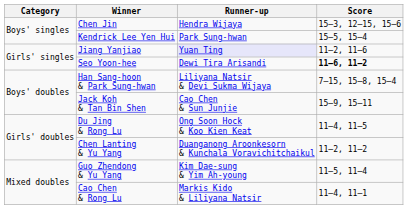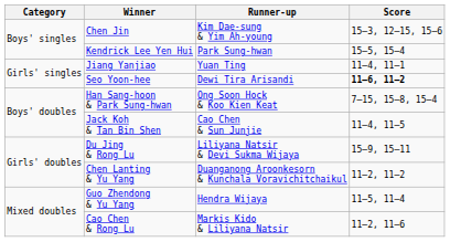 <table class="wikitable">
 <tr>
 <th>Category</th>
 <th>Winner</th>
 <th>Runner-up</th>
 <th>Score</th>
 </tr>
 <tr>
 <td rowspan=2>Boys' singles</td>
 <td> <a href='#'>Chen Jin</a></td>
-<td> <a href='#'>Hendra Wijaya</a></td>
+<td> <a href='#'>Kim Dae-sung</a><br> & <a href='#'>Yim Ah-young</a></td>
 <td>15–3, 12–15, 15–6</td>
 </tr>
 <tr>
 <td> <a href='#'>Kendrick Lee Yen Hui</a></td>
 <td> <a href='#'>Park Sung-hwan</a></td>
 <td>15–5, 15–4</td>
 </tr>
 <tr>
 <td rowspan=2>Girls' singles</td>
 <td> <a href='#'>Jiang Yanjiao</a></td>
-<td style="background: lavender;"> <a href='#'>Yuan Ting</a></td>
-<td>11–2, 11–6</td>
+<td> <a href='#'>Yuan Ting</a></td>
+<td>11–4, 11–1</td>
 </tr>
 <tr>
 <td> <a href='#'>Seo Yoon-hee</a></td>
 <td> <a href='#'>Dewi Tira Arisandi</a></td>
 <td><strong>11–6, 11–2</strong></td>
 </tr>
 <tr>
 <td rowspan=2>Boys' doubles</td>
 <td> <a href='#'>Han Sang-hoon</a><br> & <a href='#'>Park Sung-hwan</a></td>
-<td> <a href='#'>Liliyana Natsir</a><br> & <a href='#'>Devi Sukma Wijaya</a></td>
+<td> <a href='#'>Ong Soon Hock</a> <br> & <a href='#'>Koo Kien Keat</a></td>
 <td>7–15, 15–8, 15–4</td>
 </tr>
 <tr>
 <td> <a href='#'>Jack Koh</a><br> & <a href='#'>Tan Bin Shen</a></td>
 <td> <a href='#'>Cao Chen</a><br> & <a href='#'>Sun Junjie</a></td>
-<td>15–9, 15–11</td>
+<td>11–4, 11–5</td>
 </tr>
 <tr>
 <td rowspan=2>Girls' doubles</td>
 <td> <a href='#'>Du Jing</a><br> & <a href='#'>Rong Lu</a></td>
-<td> <a href='#'>Ong Soon Hock</a> <br> & <a href='#'>Koo Kien Keat</a></td>
-<td>11–4, 11–5</td>
+<td> <a href='#'>Liliyana Natsir</a><br> & <a href='#'>Devi Sukma Wijaya</a></td>
+<td>15–9, 15–11</td>
 </tr>
 <tr>
 <td> <a href='#'>Chen Lanting</a><br> & <a href='#'>Yu Yang</a></td>
 <td> <a href='#'>Duanganong Aroonkesorn</a><br> & <a href='#'>Kunchala Voravichitchaikul</a></td>
 <td>11–2, 11–2</td>
 </tr>
 <tr>
 <td rowspan=2>Mixed doubles</td>
 <td> <a href='#'>Guo Zhendong</a><br> & <a href='#'>Yu Yang</a></td>
-<td> <a href='#'>Kim Dae-sung</a><br> & <a href='#'>Yim Ah-young</a></td>
+<td> <a href='#'>Hendra Wijaya</a></td>
 <td>11–5, 11–4</td>
 </tr>
 <tr>
 <td> <a href='#'>Cao Chen</a><br> & <a href='#'>Rong Lu</a></td>
 <td> <a href='#'>Markis Kido</a><br> & <a href='#'>Liliyana Natsir</a></td>
-<td>11–4, 11–1</td>
+<td>11–2, 11–6</td>
 </tr>
 </table>
